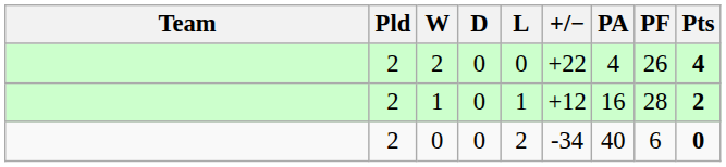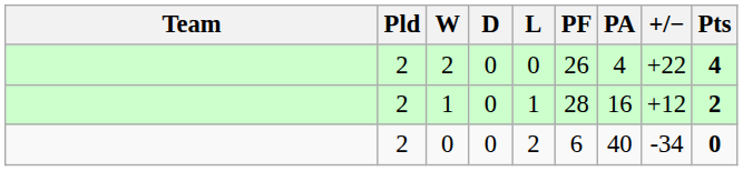 <table class="wikitable" style="text-align:center">
 <tr>
 <th width="230">Team</th>
 <th width="20">Pld</th>
 <th width="20">W</th>
 <th width="20">D</th>
 <th width="20">L</th>
+<th width="20">PF</th>
+<th width="20">PA</th>
 <th width="25">+/−</th>
-<th width="20">PA</th>
-<th width="20">PF</th>
 <th width="20">Pts</th>
 </tr>
 <tr style="background: #ccffcc;">
 <td style="text-align:left;"></td>
 <td>2</td>
 <td>2</td>
 <td>0</td>
 <td>0</td>
+<td>26</td>
+<td>4</td>
 <td>+22</td>
-<td>4</td>
-<td>26</td>
 <td><strong>4</strong></td>
 </tr>
 <tr style="background: #ccffcc;">
 <td style="text-align:left;"></td>
 <td>2</td>
 <td>1</td>
 <td>0</td>
 <td>1</td>
+<td>28</td>
+<td>16</td>
 <td>+12</td>
-<td>16</td>
-<td>28</td>
 <td><strong>2</strong></td>
 </tr>
 <tr>
 <td style="text-align:left;"></td>
 <td>2</td>
 <td>0</td>
 <td>0</td>
 <td>2</td>
+<td>6</td>
+<td>40</td>
 <td>-34</td>
-<td>40</td>
-<td>6</td>
 <td><strong>0</strong></td>
 </tr>
 </table>
